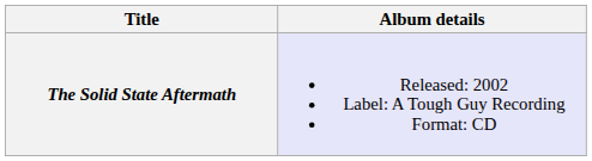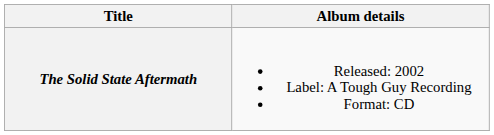 <table class="wikitable plainrowheaders" style="text-align:center;">
 <tr>
 <th scope="col" style="width:15em;">Title</th>
 <th scope="col" style="width:17em;">Album details</th>
 </tr>
 <tr>
 <th scope="row"><em>The Solid State Aftermath</em></th>
-<td style="background: lavender;"><br><ul><li>Released: 2002</li><li>Label: A Tough Guy Recording</li><li>Format: CD</li></ul></td>
+<td><br><ul><li>Released: 2002</li><li>Label: A Tough Guy Recording</li><li>Format: CD</li></ul></td>
 </tr>
 </table>
